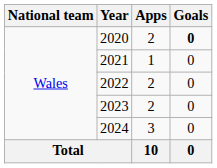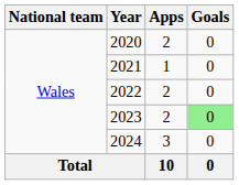 <table class="wikitable" style="text-align:center">
 <tr>
 <th>National team</th>
 <th>Year</th>
 <th>Apps</th>
 <th>Goals</th>
 </tr>
 <tr>
 <td rowspan="5"><a href='#'>Wales</a></td>
 <td>2020</td>
 <td>2</td>
-<td><strong>0</strong></td>
+<td>0</td>
 </tr>
 <tr>
 <td>2021</td>
 <td>1</td>
 <td>0</td>
 </tr>
 <tr>
 <td>2022</td>
 <td>2</td>
 <td>0</td>
 </tr>
 <tr>
 <td>2023</td>
 <td>2</td>
-<td>0</td>
+<td style="background: lightgreen;">0</td>
 </tr>
 <tr>
 <td>2024</td>
 <td>3</td>
 <td>0</td>
 </tr>
 <tr>
 <th colspan="2">Total</th>
 <th>10</th>
 <th>0</th>
 </tr>
 </table>
